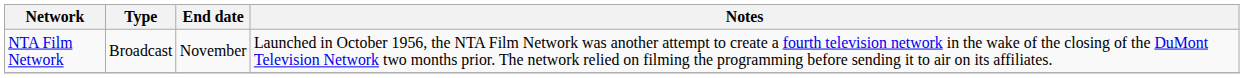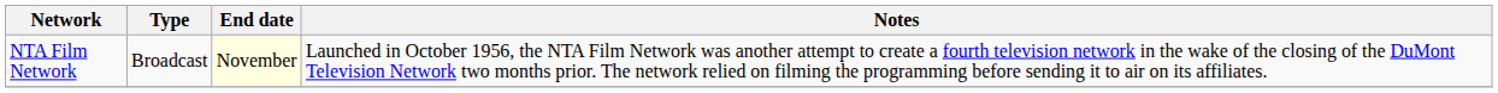 <table class="wikitable sortable">
 <tr>
 <th>Network</th>
 <th>Type</th>
 <th>End date</th>
 <th>Notes</th>
 </tr>
 <tr>
 <td><a href='#'>NTA Film Network</a></td>
 <td>Broadcast</td>
-<td>November</td>
+<td style="background: lightyellow;">November</td>
 <td>Launched in October 1956, the NTA Film Network was another attempt to create a <a href='#'>fourth television network</a> in the wake of the closing of the <a href='#'>DuMont Television Network</a> two months prior. The network relied on filming the programming before sending it to air on its affiliates.</td>
 </tr>
 <tr>
 </tr>
 </table>
